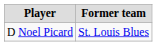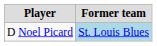 <table class="wikitable">
 <tr align="center"  bgcolor="#dddddd">
 <td><strong>Player</strong></td>
 <td><strong>Former team</strong></td>
 </tr>
 <tr>
 <td>D <a href='#'>Noel Picard</a></td>
-<td><a href='#'>St. Louis Blues</a></td>
+<td style="background: lightblue;"><a href='#'>St. Louis Blues</a></td>
 </tr>
 </table>
